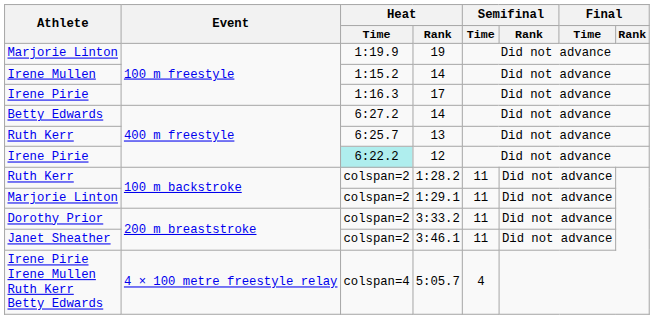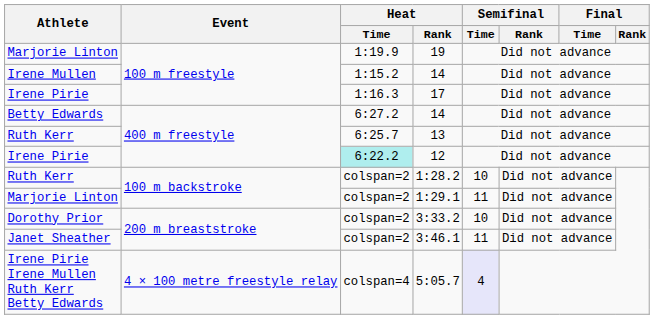 <table class=wikitable style="font-size:90%;">
 <tr>
 <th rowspan=2>Athlete</th>
 <th rowspan=2>Event</th>
 <th colspan=2>Heat</th>
 <th colspan=2>Semifinal</th>
 <th colspan=2>Final</th>
 </tr>
 <tr style="font-size:95%">
 <th>Time</th>
 <th>Rank</th>
 <th>Time</th>
 <th>Rank</th>
 <th>Time</th>
 <th>Rank</th>
 </tr>
 <tr align=center>
 <td align=left><a href='#'>Marjorie Linton</a></td>
 <td rowspan=3 align=left><a href='#'>100 m freestyle</a></td>
 <td>1:19.9</td>
 <td>19</td>
 <td colspan=4>Did not advance</td>
 </tr>
 <tr align=center>
 <td align=left><a href='#'>Irene Mullen</a></td>
 <td>1:15.2</td>
 <td>14</td>
 <td colspan=4>Did not advance</td>
 </tr>
 <tr align=center>
 <td align=left><a href='#'>Irene Pirie </a></td>
 <td>1:16.3</td>
 <td>17</td>
 <td colspan=4>Did not advance</td>
 </tr>
 <tr align=center>
 <td align=left><a href='#'>Betty Edwards</a></td>
 <td rowspan=3 align=left><a href='#'>400 m freestyle</a></td>
 <td>6:27.2</td>
 <td>14</td>
 <td colspan=4>Did not advance</td>
 </tr>
 <tr align=center>
 <td align=left><a href='#'>Ruth Kerr</a></td>
 <td>6:25.7</td>
 <td>13</td>
 <td colspan=4>Did not advance</td>
 </tr>
 <tr align=center>
 <td align=left><a href='#'>Irene Pirie</a></td>
 <td style="background: paleturquoise;">6:22.2</td>
 <td>12</td>
 <td colspan=4>Did not advance</td>
 </tr>
 <tr align=center>
 <td align=left><a href='#'>Ruth Kerr</a></td>
 <td rowspan=2 align=left><a href='#'>100 m backstroke</a></td>
 <td>colspan=2 </td>
 <td>1:28.2</td>
-<td>11</td>
+<td>10</td>
 <td colspan=2>Did not advance</td>
 </tr>
 <tr align=center>
 <td align=left><a href='#'>Marjorie Linton</a></td>
 <td>colspan=2 </td>
 <td>1:29.1</td>
 <td>11</td>
 <td colspan=2>Did not advance</td>
 </tr>
 <tr align=center>
 <td align=left><a href='#'>Dorothy Prior</a></td>
 <td rowspan=2 align=left><a href='#'>200 m breaststroke</a></td>
 <td>colspan=2 </td>
 <td>3:33.2</td>
-<td>11</td>
+<td>10</td>
 <td colspan=2>Did not advance</td>
 </tr>
 <tr align=center>
 <td align=left><a href='#'>Janet Sheather</a></td>
 <td>colspan=2 </td>
 <td>3:46.1</td>
 <td>11</td>
 <td colspan=2>Did not advance</td>
 </tr>
 <tr align=center>
 <td align=left><a href='#'>Irene Pirie</a><br><a href='#'>Irene Mullen</a><br><a href='#'>Ruth Kerr</a><br><a href='#'>Betty Edwards</a></td>
 <td rowspan=2 align=left><a href='#'>4 × 100 metre freestyle relay</a></td>
 <td>colspan=4 </td>
 <td>5:05.7</td>
-<td>4</td>
+<td style="background: lavender;">4</td>
 </tr>
 </table>
